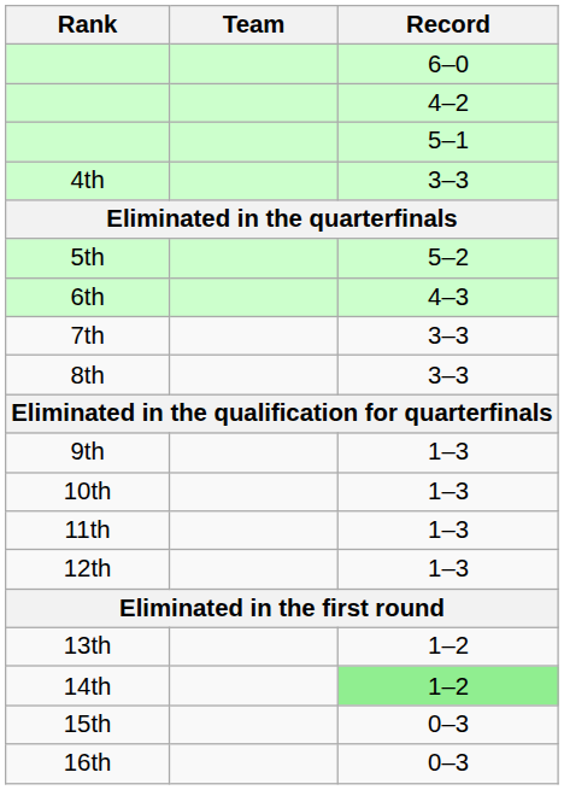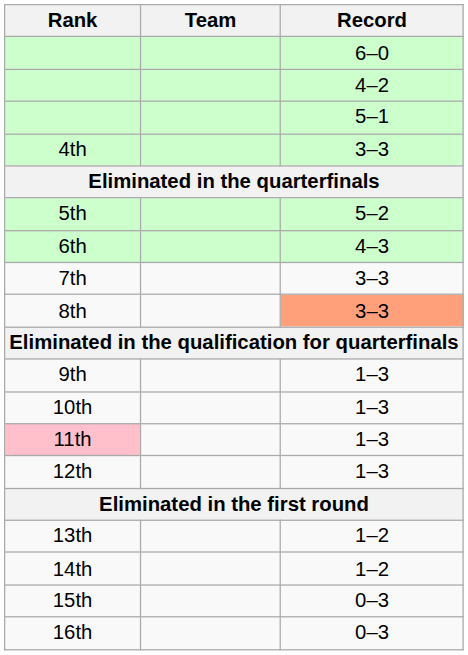 <table class=wikitable style="text-align:center;">
 <tr>
 <th>Rank</th>
 <th>Team</th>
 <th>Record</th>
 </tr>
 <tr bgcolor=ccffcc>
 <td></td>
 <td align=left></td>
 <td>6–0</td>
 </tr>
 <tr bgcolor=ccffcc>
 <td></td>
 <td align=left></td>
 <td>4–2</td>
 </tr>
 <tr bgcolor=ccffcc>
 <td></td>
 <td align=left></td>
 <td>5–1</td>
 </tr>
 <tr bgcolor=ccffcc>
 <td>4th</td>
 <td align=left></td>
 <td>3–3</td>
 </tr>
 <tr>
 <th colspan=3>Eliminated in the quarterfinals</th>
 </tr>
 <tr bgcolor=ccffcc>
 <td>5th</td>
 <td align=left></td>
 <td>5–2</td>
 </tr>
 <tr bgcolor=ccffcc>
 <td>6th</td>
 <td align=left></td>
 <td>4–3</td>
 </tr>
 <tr>
 <td>7th</td>
 <td align=left></td>
 <td>3–3</td>
 </tr>
 <tr>
 <td>8th</td>
 <td align=left></td>
-<td>3–3</td>
+<td style="background: lightsalmon;">3–3</td>
 </tr>
 <tr>
 <th colspan=3>Eliminated in the qualification for quarterfinals</th>
 </tr>
 <tr>
 <td>9th</td>
 <td align=left></td>
 <td>1–3</td>
 </tr>
 <tr>
 <td>10th</td>
 <td align=left></td>
 <td>1–3</td>
 </tr>
 <tr>
-<td>11th</td>
+<td style="background: pink;">11th</td>
 <td align=left></td>
 <td>1–3</td>
 </tr>
 <tr>
 <td>12th</td>
 <td align=left></td>
 <td>1–3</td>
 </tr>
 <tr>
 <th colspan=3>Eliminated in the first round</th>
 </tr>
 <tr>
 <td>13th</td>
 <td align=left></td>
 <td>1–2</td>
 </tr>
 <tr>
 <td>14th</td>
 <td align=left></td>
-<td style="background: lightgreen;">1–2</td>
+<td>1–2</td>
 </tr>
 <tr>
 <td>15th</td>
 <td align=left></td>
 <td>0–3</td>
 </tr>
 <tr>
 <td>16th</td>
 <td align=left></td>
 <td>0–3</td>
 </tr>
 </table>
